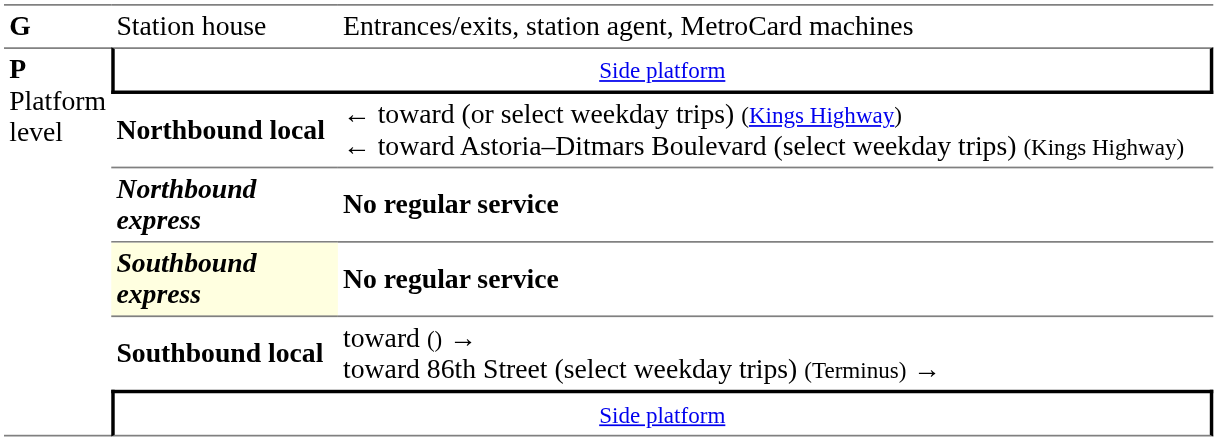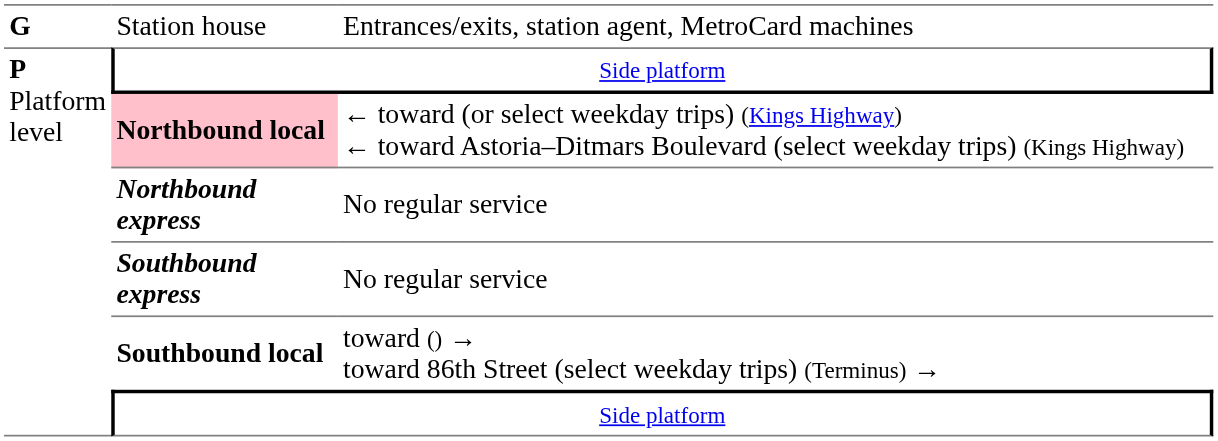 <table table border=0 cellspacing=0 cellpadding=3>
 <tr>
 <td style="border-top:solid 1px gray;" width=50><strong>G</strong></td>
 <td style="border-top:solid 1px gray;" width=125>Station house</td>
 <td style="border-top:solid 1px gray;" width=500>Entrances/exits, station agent, MetroCard machines</td>
 </tr>
 <tr>
 <td style="border-top:solid 1px gray;border-bottom:solid 1px gray;vertical-align:top;" rowspan=6><strong>P</strong><br>Platform level</td>
 <td style="border-top:solid 1px gray;border-right:solid 2px black;border-left:solid 2px black;border-bottom:solid 2px black;text-align:center;" colspan=2><small><a href='#'>Side platform</a></small></td>
 </tr>
 <tr>
-<td style="border-bottom:solid 1px gray;"><span><strong>Northbound local</strong></span></td>
+<td style="background: pink; border-bottom:solid 1px gray;"><span><strong>Northbound local</strong></span></td>
 <td style="border-bottom:solid 1px gray;">←  toward  (or  select weekday trips) <small>(<a href='#'>Kings Highway</a>)</small><br>←  toward Astoria–Ditmars Boulevard (select weekday trips) <small>(Kings Highway)</small></td>
 </tr>
 <tr>
 <td style="border-bottom:solid 1px gray;"><strong><em>Northbound express</em></strong></td>
-<td style="border-bottom:solid 1px gray;"><strong> No regular service</strong></td>
+<td style="border-bottom:solid 1px gray;"> No regular service</td>
 </tr>
 <tr>
-<td style="background: lightyellow; border-bottom:solid 1px gray;"><strong><em>Southbound express</em></strong></td>
-<td style="border-bottom:solid 1px gray;"><strong> No regular service</strong></td>
+<td style="border-bottom:solid 1px gray;"><strong><em>Southbound express</em></strong></td>
+<td style="border-bottom:solid 1px gray;"> No regular service</td>
 </tr>
 <tr>
 <td><span><strong>Southbound local</strong></span></td>
 <td>  toward  <small>()</small> →<br>  toward 86th Street (select weekday trips) <small>(Terminus)</small> →</td>
 </tr>
 <tr>
 <td style="border-bottom:solid 1px gray;border-top:solid 2px black;border-right:solid 2px black;border-left:solid 2px black;text-align:center;" colspan=2><small><a href='#'>Side platform</a></small></td>
 </tr>
 </table>
